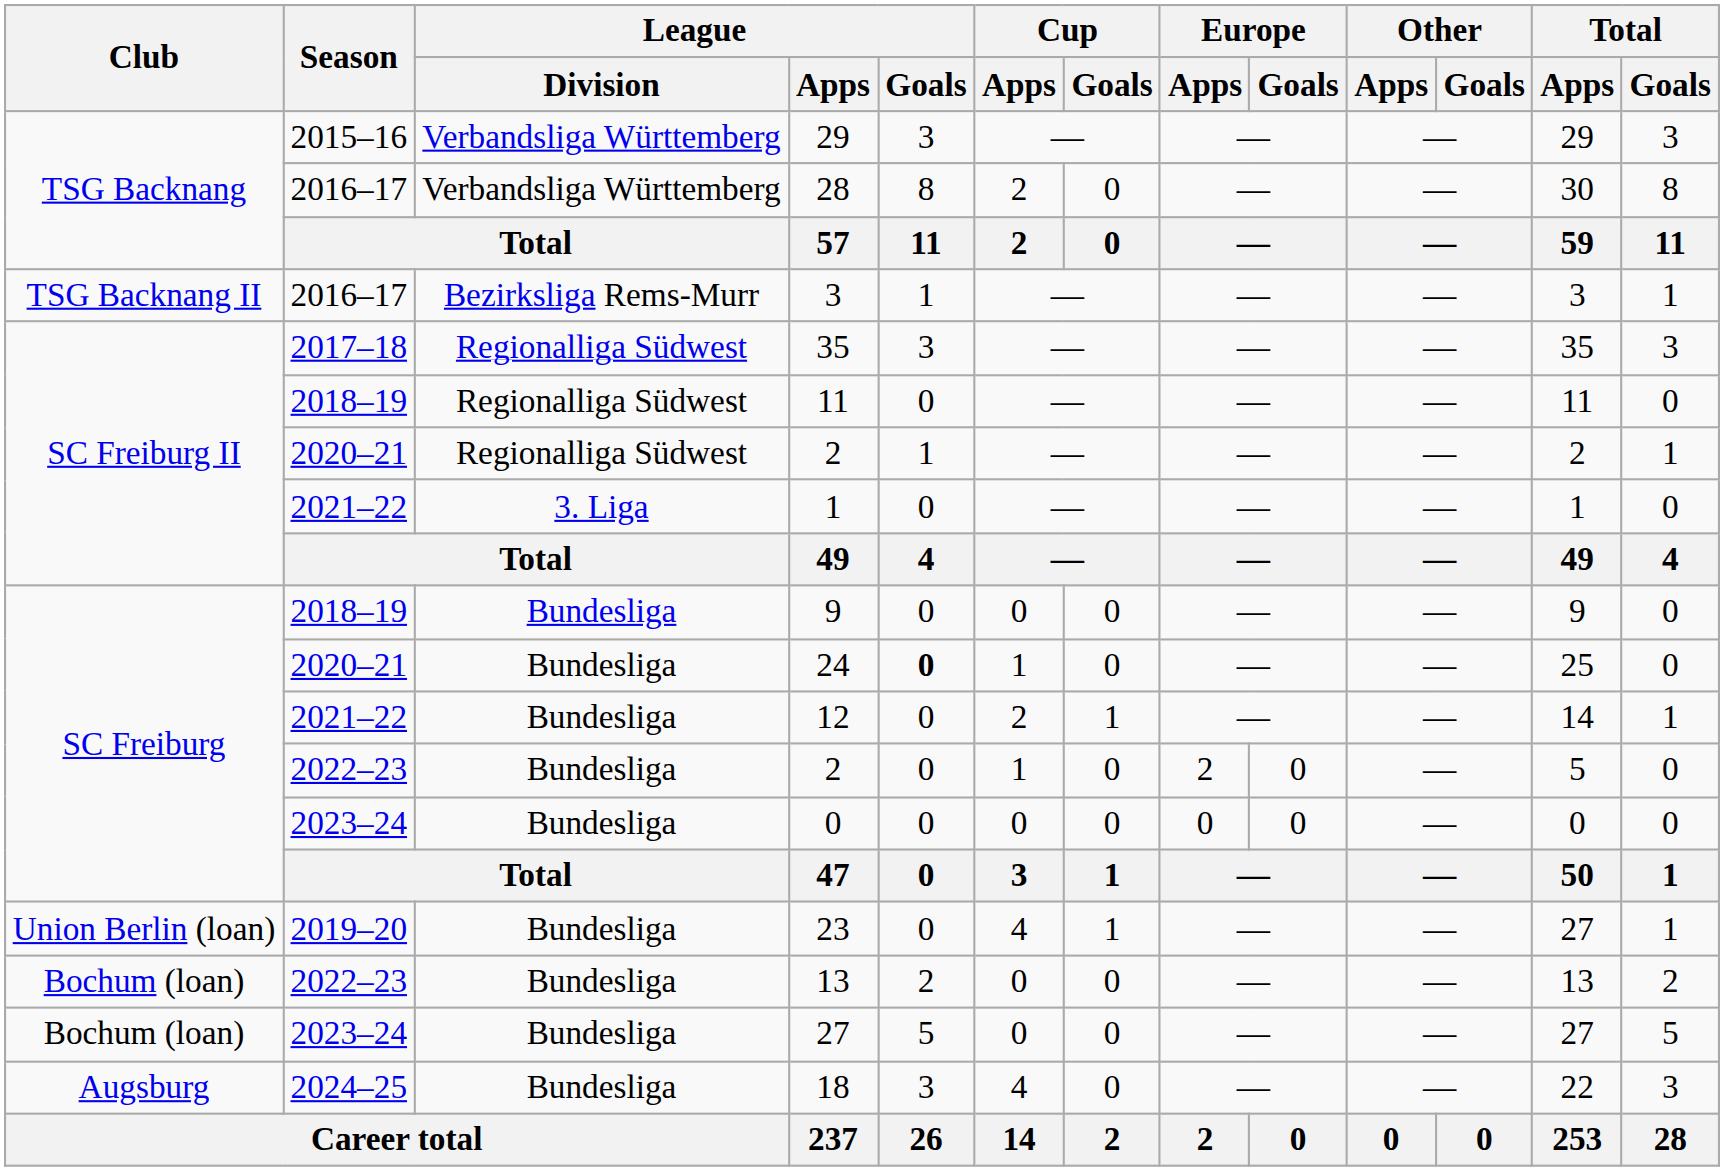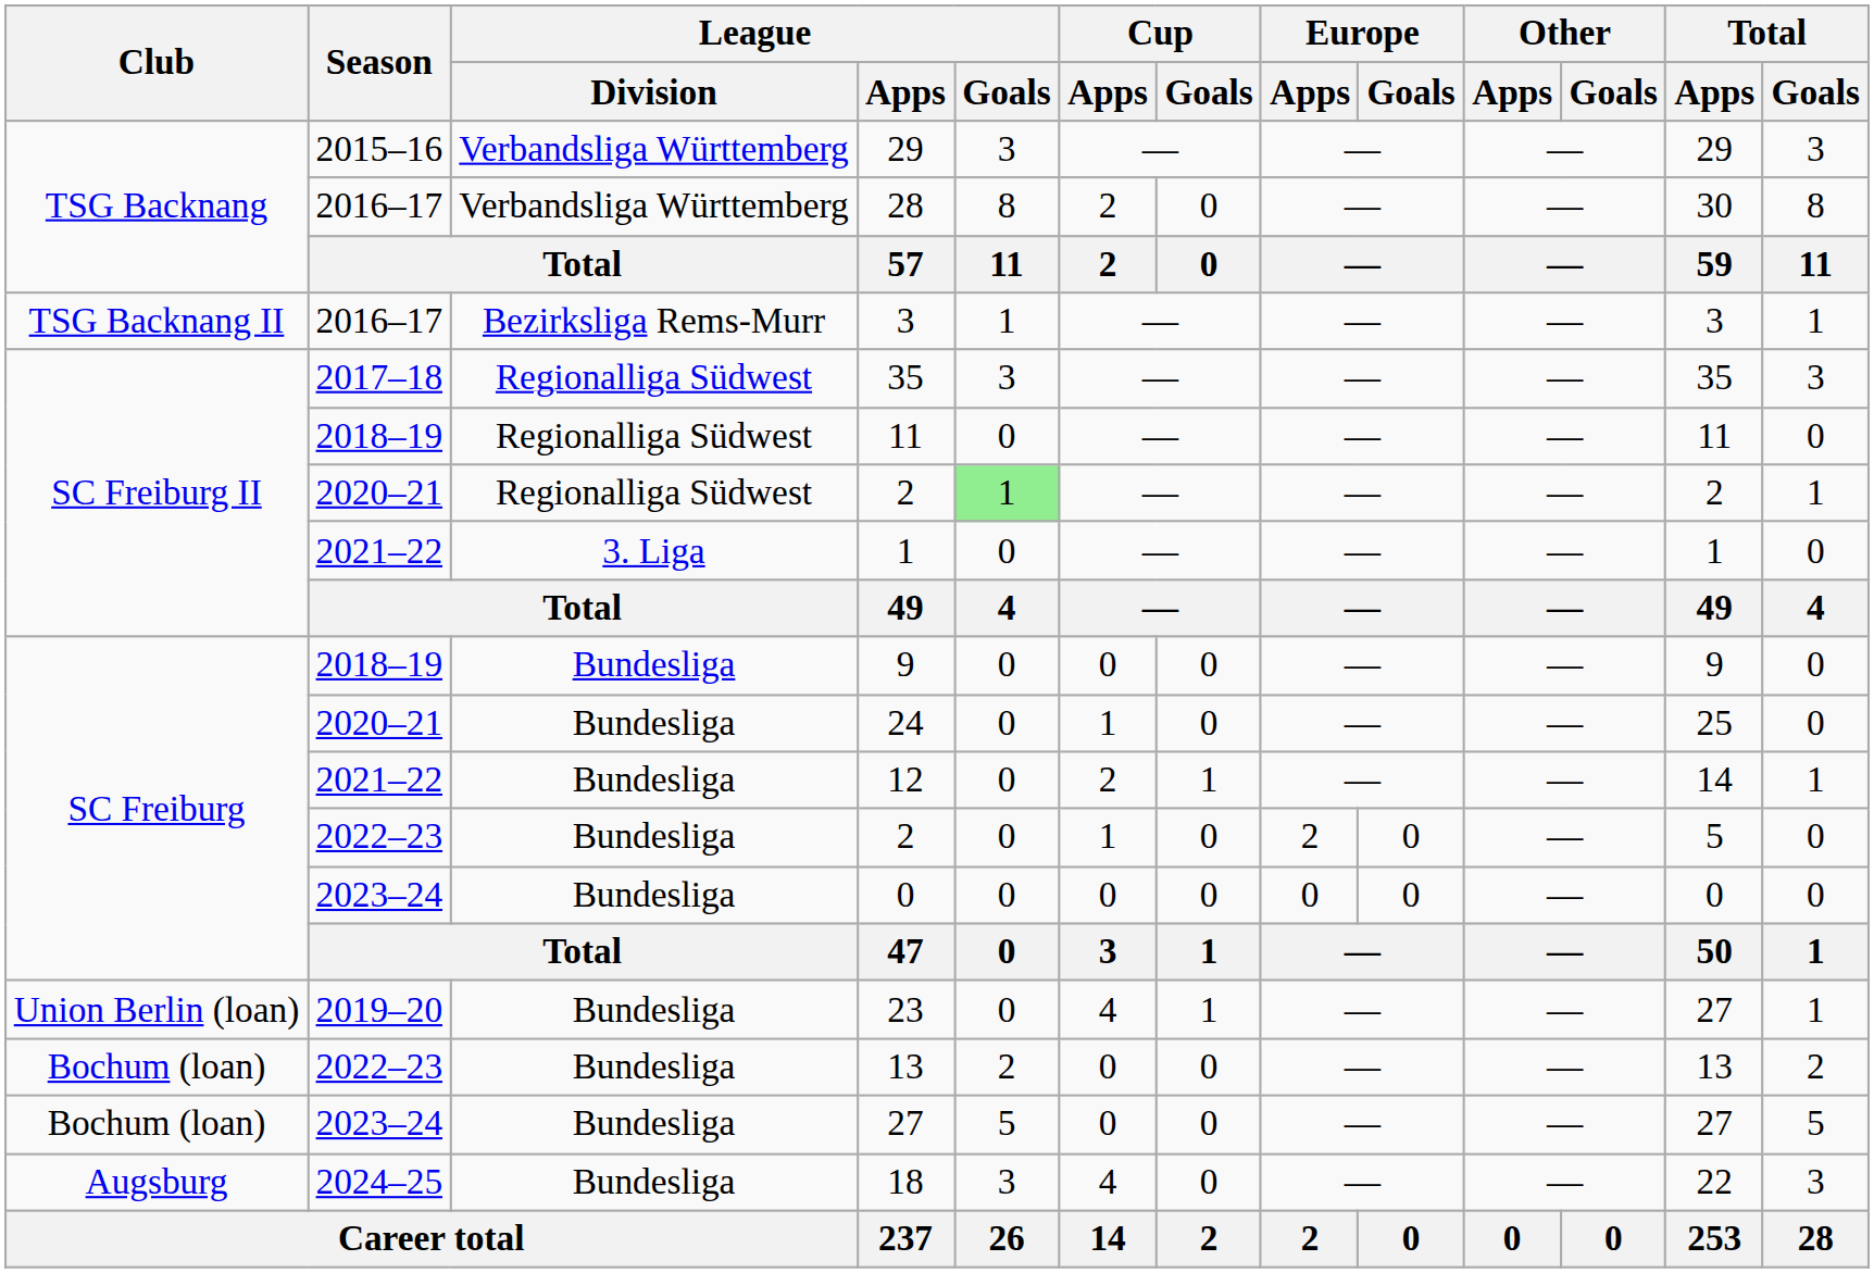 <table class="wikitable" style="text-align:center">
 <tr>
 <th rowspan="2">Club</th>
 <th rowspan="2">Season</th>
 <th colspan="3">League</th>
 <th colspan="2">Cup</th>
 <th colspan="2">Europe</th>
 <th colspan="2">Other</th>
 <th colspan="2">Total</th>
 </tr>
 <tr>
 <th>Division</th>
 <th>Apps</th>
 <th>Goals</th>
 <th>Apps</th>
 <th>Goals</th>
 <th>Apps</th>
 <th>Goals</th>
 <th>Apps</th>
 <th>Goals</th>
 <th>Apps</th>
 <th>Goals</th>
 </tr>
 <tr>
 <td rowspan="3"><a href='#'>TSG Backnang</a></td>
 <td>2015–16</td>
 <td><a href='#'>Verbandsliga Württemberg</a></td>
 <td>29</td>
 <td>3</td>
 <td colspan="2">—</td>
 <td colspan="2">—</td>
 <td colspan="2">—</td>
 <td>29</td>
 <td>3</td>
 </tr>
 <tr>
 <td>2016–17</td>
 <td>Verbandsliga Württemberg</td>
 <td>28</td>
 <td>8</td>
 <td>2</td>
 <td>0</td>
 <td colspan="2">—</td>
 <td colspan="2">—</td>
 <td>30</td>
 <td>8</td>
 </tr>
 <tr>
 <th colspan="2">Total</th>
 <th>57</th>
 <th>11</th>
 <th>2</th>
 <th>0</th>
 <th colspan="2">—</th>
 <th colspan="2">—</th>
 <th>59</th>
 <th>11</th>
 </tr>
 <tr>
 <td><a href='#'>TSG Backnang II</a></td>
 <td>2016–17</td>
 <td><a href='#'>Bezirksliga</a> Rems-Murr</td>
 <td>3</td>
 <td>1</td>
 <td colspan="2">—</td>
 <td colspan="2">—</td>
 <td colspan="2">—</td>
 <td>3</td>
 <td>1</td>
 </tr>
 <tr>
 <td rowspan="5"><a href='#'>SC Freiburg II</a></td>
 <td><a href='#'>2017–18</a></td>
 <td><a href='#'>Regionalliga Südwest</a></td>
 <td>35</td>
 <td>3</td>
 <td colspan="2">—</td>
 <td colspan="2">—</td>
 <td colspan="2">—</td>
 <td>35</td>
 <td>3</td>
 </tr>
 <tr>
 <td><a href='#'>2018–19</a></td>
 <td>Regionalliga Südwest</td>
 <td>11</td>
 <td>0</td>
 <td colspan="2">—</td>
 <td colspan="2">—</td>
 <td colspan="2">—</td>
 <td>11</td>
 <td>0</td>
 </tr>
 <tr>
 <td><a href='#'>2020–21</a></td>
 <td>Regionalliga Südwest</td>
 <td>2</td>
-<td>1</td>
+<td style="background: lightgreen;">1</td>
 <td colspan="2">—</td>
 <td colspan="2">—</td>
 <td colspan="2">—</td>
 <td>2</td>
 <td>1</td>
 </tr>
 <tr>
 <td><a href='#'>2021–22</a></td>
 <td><a href='#'>3. Liga</a></td>
 <td>1</td>
 <td>0</td>
 <td colspan="2">—</td>
 <td colspan="2">—</td>
 <td colspan="2">—</td>
 <td>1</td>
 <td>0</td>
 </tr>
 <tr>
 <th colspan="2">Total</th>
 <th>49</th>
 <th>4</th>
 <th colspan="2">—</th>
 <th colspan="2">—</th>
 <th colspan="2">—</th>
 <th>49</th>
 <th>4</th>
 </tr>
 <tr>
 <td rowspan="6"><a href='#'>SC Freiburg</a></td>
 <td><a href='#'>2018–19</a></td>
 <td><a href='#'>Bundesliga</a></td>
 <td>9</td>
 <td>0</td>
 <td>0</td>
 <td>0</td>
 <td colspan="2">—</td>
 <td colspan="2">—</td>
 <td>9</td>
 <td>0</td>
 </tr>
 <tr>
 <td><a href='#'>2020–21</a></td>
 <td>Bundesliga</td>
 <td>24</td>
-<td><strong>0</strong></td>
+<td>0</td>
 <td>1</td>
 <td>0</td>
 <td colspan="2">—</td>
 <td colspan="2">—</td>
 <td>25</td>
 <td>0</td>
 </tr>
 <tr>
 <td><a href='#'>2021–22</a></td>
 <td>Bundesliga</td>
 <td>12</td>
 <td>0</td>
 <td>2</td>
 <td>1</td>
 <td colspan="2">—</td>
 <td colspan="2">—</td>
 <td>14</td>
 <td>1</td>
 </tr>
 <tr>
 <td><a href='#'>2022–23</a></td>
 <td>Bundesliga</td>
 <td>2</td>
 <td>0</td>
 <td>1</td>
 <td>0</td>
 <td>2</td>
 <td>0</td>
 <td colspan="2">—</td>
 <td>5</td>
 <td>0</td>
 </tr>
 <tr>
 <td><a href='#'>2023–24</a></td>
 <td>Bundesliga</td>
 <td>0</td>
 <td>0</td>
 <td>0</td>
 <td>0</td>
 <td>0</td>
 <td>0</td>
 <td colspan="2">—</td>
 <td>0</td>
 <td>0</td>
 </tr>
 <tr>
 <th colspan="2">Total</th>
 <th>47</th>
 <th>0</th>
 <th>3</th>
 <th>1</th>
 <th colspan="2">—</th>
 <th colspan="2">—</th>
 <th>50</th>
 <th>1</th>
 </tr>
 <tr>
 <td><a href='#'>Union Berlin</a> (loan)</td>
 <td><a href='#'>2019–20</a></td>
 <td>Bundesliga</td>
 <td>23</td>
 <td>0</td>
 <td>4</td>
 <td>1</td>
 <td colspan="2">—</td>
 <td colspan="2">—</td>
 <td>27</td>
 <td>1</td>
 </tr>
 <tr>
 <td><a href='#'>Bochum</a> (loan)</td>
 <td><a href='#'>2022–23</a></td>
 <td>Bundesliga</td>
 <td>13</td>
 <td>2</td>
 <td>0</td>
 <td>0</td>
 <td colspan="2">—</td>
 <td colspan="2">—</td>
 <td>13</td>
 <td>2</td>
 </tr>
 <tr>
 <td>Bochum (loan)</td>
 <td><a href='#'>2023–24</a></td>
 <td>Bundesliga</td>
 <td>27</td>
 <td>5</td>
 <td>0</td>
 <td>0</td>
 <td colspan="2">—</td>
 <td colspan="2">—</td>
 <td>27</td>
 <td>5</td>
 </tr>
 <tr>
 <td><a href='#'>Augsburg</a></td>
 <td><a href='#'>2024–25</a></td>
 <td>Bundesliga</td>
 <td>18</td>
 <td>3</td>
 <td>4</td>
 <td>0</td>
 <td colspan="2">—</td>
 <td colspan="2">—</td>
 <td>22</td>
 <td>3</td>
 </tr>
 <tr>
 <th colspan="3">Career total</th>
 <th>237</th>
 <th>26</th>
 <th>14</th>
 <th>2</th>
 <th>2</th>
 <th>0</th>
 <th>0</th>
 <th>0</th>
 <th>253</th>
 <th>28</th>
 </tr>
 </table>
